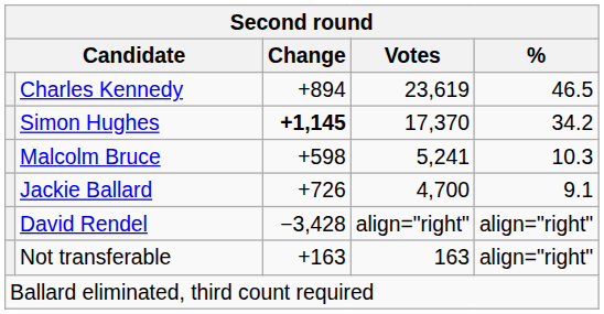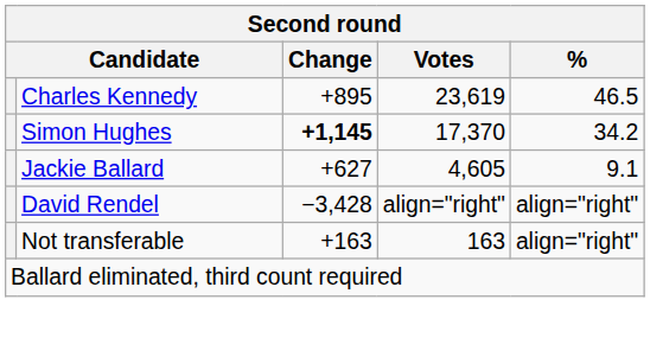 <table class=wikitable style="font-size:95%;">
 <tr>
 <th colspan="5">Second round</th>
 </tr>
 <tr>
 <th colspan="2" style="width: 170px">Candidate</th>
 <th style="width: 50px">Change</th>
 <th style="width: 50px">Votes</th>
 <th style="width: 40px">%</th>
 </tr>
 <tr>
 <th style="background-color: "></th>
 <td style="width: 170px"><a href='#'>Charles Kennedy</a></td>
-<td align="right">+894</td>
+<td align="right">+895</td>
 <td align="right">23,619</td>
 <td align="right">46.5</td>
 </tr>
 <tr>
 <th style="background-color: "></th>
 <td style="width: 170px"><a href='#'>Simon Hughes</a></td>
 <td align="right"><strong>+1,145</strong></td>
 <td align="right">17,370</td>
 <td align="right">34.2</td>
 </tr>
 <tr>
 <th style="background-color: "></th>
-<td style="width: 170px"><a href='#'>Malcolm Bruce</a></td>
-<td align="right">+598</td>
-<td align="right">5,241</td>
-<td align="right">10.3</td>
-</tr>
-<tr>
-<th style="background-color: "></th>
 <td style="width: 170px"><a href='#'>Jackie Ballard</a></td>
-<td align="right">+726</td>
-<td align="right">4,700</td>
+<td align="right">+627</td>
+<td align="right">4,605</td>
 <td align="right">9.1</td>
 </tr>
 <tr>
 <th style="background-color: "></th>
 <td style="width: 170px"><a href='#'>David Rendel</a></td>
 <td align="right">−3,428</td>
 <td>align="right" </td>
 <td>align="right" </td>
 </tr>
 <tr>
 <th style="background-color: "></th>
 <td style="width: 170px">Not transferable</td>
 <td align="right">+163</td>
 <td align="right">163</td>
 <td>align="right" </td>
 </tr>
 <tr>
 <td colspan="5">Ballard eliminated, third count required</td>
 </tr>
 </table>
